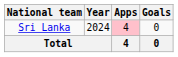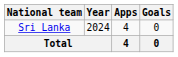 <table class="wikitable" style="text-align:center">
 <tr>
 <th>National team</th>
 <th>Year</th>
 <th>Apps</th>
 <th>Goals</th>
 </tr>
 <tr>
 <td><a href='#'>Sri Lanka</a></td>
 <td>2024</td>
-<td style="background: pink;">4</td>
+<td>4</td>
 <td>0</td>
 </tr>
 <tr>
 <th colspan="2">Total</th>
 <th>4</th>
 <th>0</th>
 </tr>
 </table>
